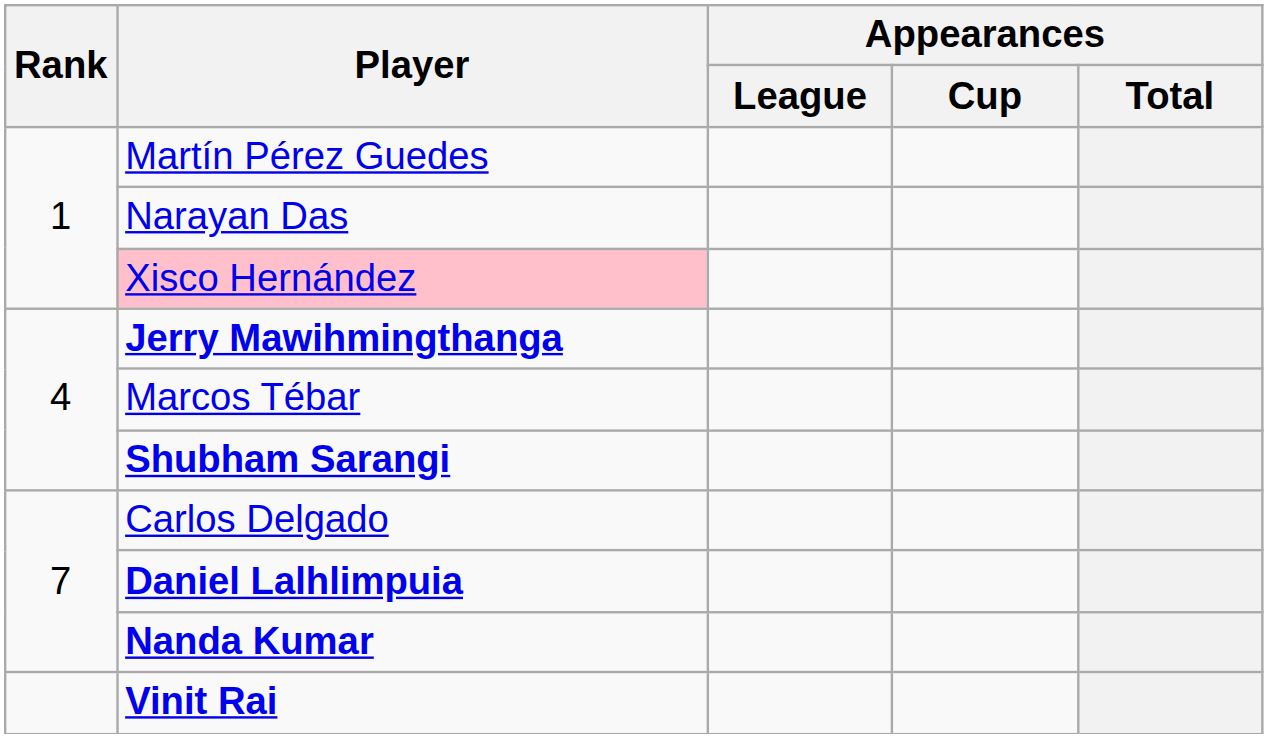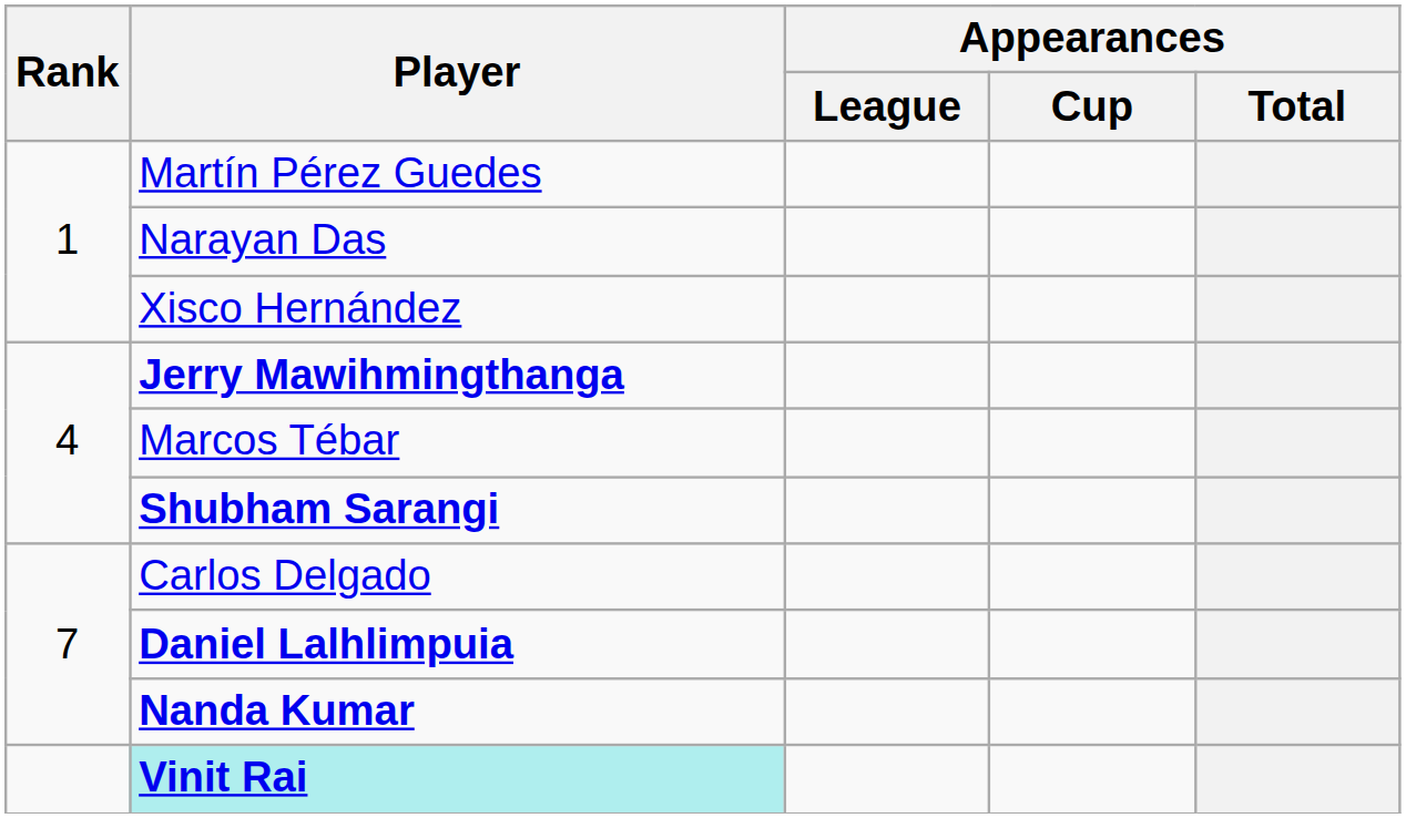 <table class="wikitable">
 <tr>
 <th rowspan="2" width="30px">Rank</th>
 <th rowspan="2" width="240px">Player</th>
 <th colspan="3" width="210px">Appearances</th>
 </tr>
 <tr>
 <th width="70px">League</th>
 <th width="70px">Cup</th>
 <th width="70px">Total</th>
 </tr>
 <tr>
 <td rowspan="3" style="text-align:center;">1</td>
 <td> <a href='#'>Martín Pérez Guedes</a></td>
 <td></td>
 <td></td>
 <th></th>
 </tr>
 <tr>
 <td> <a href='#'>Narayan Das</a></td>
 <td></td>
 <td></td>
 <th></th>
 </tr>
 <tr>
-<td style="background: pink;"> <a href='#'>Xisco Hernández</a></td>
+<td> <a href='#'>Xisco Hernández</a></td>
 <td></td>
 <td></td>
 <th></th>
 </tr>
 <tr>
 <td rowspan="3" style="text-align:center;">4</td>
 <td> <strong><a href='#'>Jerry Mawihmingthanga</a></strong></td>
 <td></td>
 <td></td>
 <th></th>
 </tr>
 <tr>
 <td> <a href='#'>Marcos Tébar</a></td>
 <td></td>
 <td></td>
 <th></th>
 </tr>
 <tr>
 <td> <strong><a href='#'>Shubham Sarangi</a></strong></td>
 <td></td>
 <td></td>
 <th></th>
 </tr>
 <tr>
 <td rowspan="3" style="text-align:center;">7</td>
 <td> <a href='#'>Carlos Delgado</a></td>
 <td></td>
 <td></td>
 <th></th>
 </tr>
 <tr>
 <td> <strong><a href='#'>Daniel Lalhlimpuia</a></strong></td>
 <td></td>
 <td></td>
 <th></th>
 </tr>
 <tr>
 <td> <strong><a href='#'>Nanda Kumar</a></strong></td>
 <td></td>
 <td></td>
 <th></th>
 </tr>
 <tr>
 <td></td>
-<td> <strong><a href='#'>Vinit Rai</a></strong></td>
+<td style="background: paleturquoise;"> <strong><a href='#'>Vinit Rai</a></strong></td>
 <td></td>
 <td></td>
 <th></th>
 </tr>
 </table>
